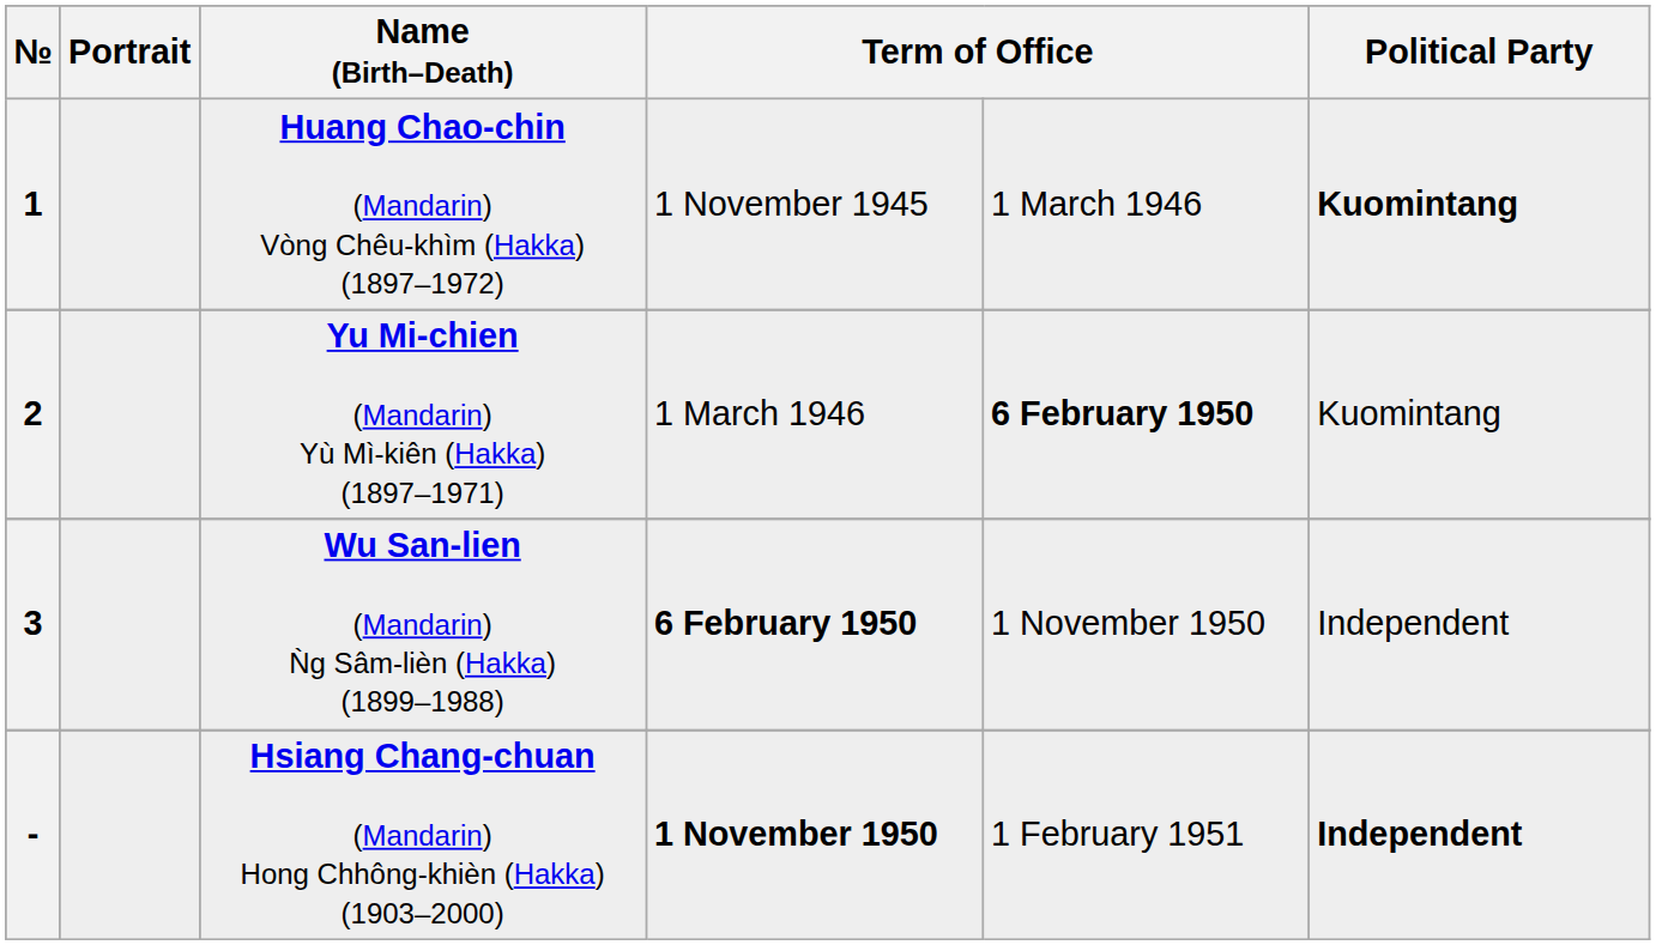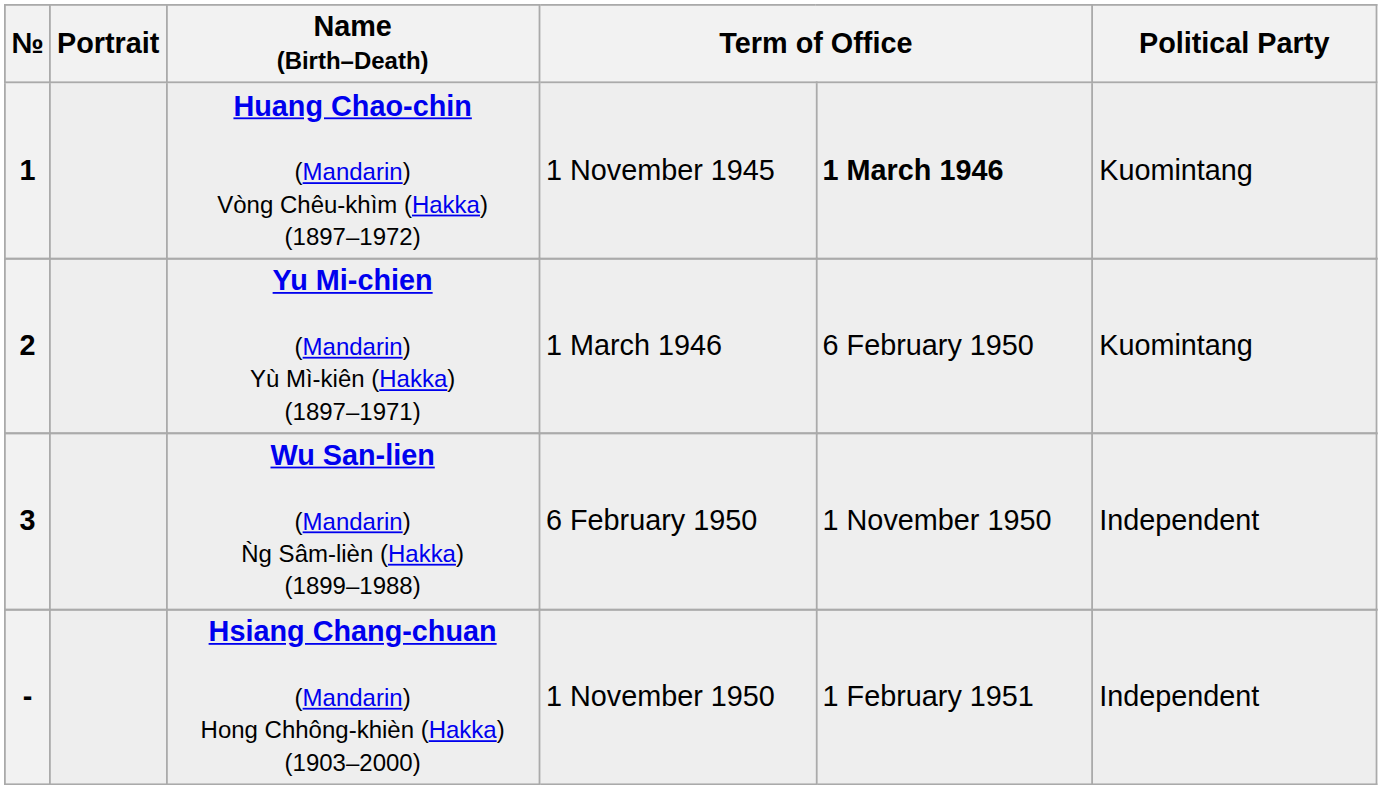 <table class=wikitable>
 <tr>
 <th>№</th>
 <th>Portrait</th>
 <th width="200">Name<br><small>(Birth–Death)</small></th>
 <th colspan=2 width="300">Term of Office</th>
 <th width="150">Political Party</th>
 </tr>
 <tr - bgcolor=#EEEEEE>
 <th style="background:">1</th>
 <td></td>
 <td align=center><strong><a href='#'>Huang Chao-chin</a></strong> <br><br><small> (<a href='#'>Mandarin</a>)<br>Vòng Chêu-khìm (<a href='#'>Hakka</a>)<br>(1897–1972)</small></td>
 <td>1 November 1945</td>
-<td>1 March 1946</td>
-<td><strong>Kuomintang</strong></td>
+<td><strong>1 March 1946</strong></td>
+<td>Kuomintang</td>
 </tr>
 <tr ->
 </tr>
 <tr - bgcolor=#EEEEEE>
 <th style="background:">2</th>
 <td></td>
 <td align=center><strong><a href='#'>Yu Mi-chien</a></strong> <br><br><small> (<a href='#'>Mandarin</a>)<br>Yù Mì-kiên (<a href='#'>Hakka</a>)<br>(1897–1971)</small></td>
 <td>1 March 1946</td>
-<td><strong>6 February 1950</strong></td>
+<td>6 February 1950</td>
 <td>Kuomintang</td>
 </tr>
 <tr ->
 </tr>
 <tr - bgcolor=#EEEEEE>
 <th style="background:">3</th>
 <td></td>
 <td align=center><strong><a href='#'>Wu San-lien</a></strong> <br><br><small> (<a href='#'>Mandarin</a>)<br>Ǹg Sâm-lièn (<a href='#'>Hakka</a>)<br>(1899–1988)</small></td>
-<td><strong>6 February 1950</strong></td>
+<td>6 February 1950</td>
 <td>1 November 1950</td>
 <td>Independent</td>
 </tr>
 <tr ->
 </tr>
 <tr - bgcolor=#EEEEEE>
 <th style="background:">-</th>
 <td></td>
 <td align=center><strong><a href='#'>Hsiang Chang-chuan</a></strong> <br><br><small> (<a href='#'>Mandarin</a>)<br>Hong Chhông-khièn (<a href='#'>Hakka</a>)<br>(1903–2000)</small></td>
-<td><strong>1 November 1950</strong></td>
+<td>1 November 1950</td>
 <td>1 February 1951</td>
-<td><strong>Independent</strong></td>
+<td>Independent</td>
 </tr>
 </table>
